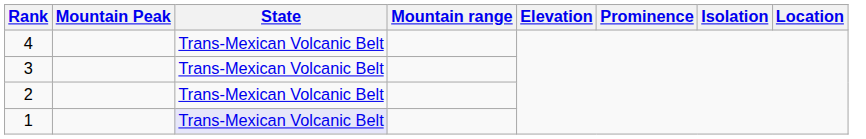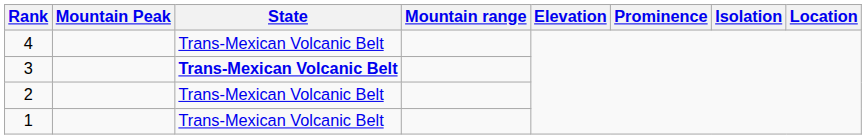 <table class="wikitable sortable">
 <tr>
 <th><a href='#'>Rank</a></th>
 <th><a href='#'>Mountain Peak</a></th>
 <th><a href='#'>State</a></th>
 <th><a href='#'>Mountain range</a></th>
 <th><a href='#'>Elevation</a></th>
 <th><a href='#'>Prominence</a></th>
 <th><a href='#'>Isolation</a></th>
 <th><a href='#'>Location</a></th>
 </tr>
 <tr>
 <td align=center>4<br></td>
 <td></td>
 <td><a href='#'>Trans-Mexican Volcanic Belt</a><br></td>
 <td></td>
 </tr>
 <tr>
 <td align=center>3<br></td>
 <td><br></td>
-<td><a href='#'>Trans-Mexican Volcanic Belt</a><br></td>
+<td><strong><a href='#'>Trans-Mexican Volcanic Belt</a><br></strong></td>
 <td></td>
 </tr>
 <tr>
 <td align=center>2<br></td>
 <td><br></td>
 <td><a href='#'>Trans-Mexican Volcanic Belt</a><br></td>
 <td></td>
 </tr>
 <tr>
 <td align=center>1<br></td>
 <td><br></td>
-<td style="background: lavender;"><a href='#'>Trans-Mexican Volcanic Belt</a><br></td>
+<td><a href='#'>Trans-Mexican Volcanic Belt</a><br></td>
 <td></td>
 </tr>
 </table>
